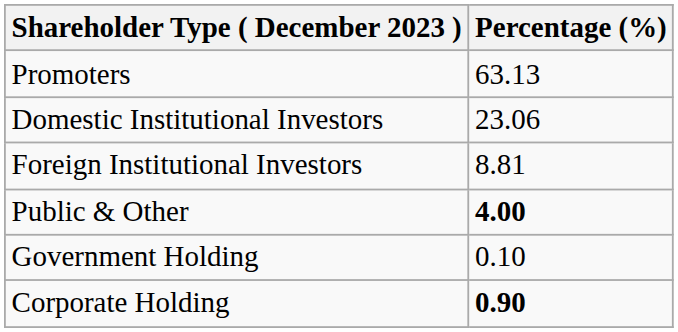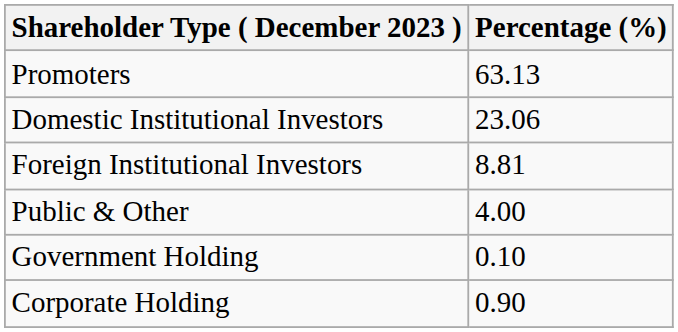 <table class="wikitable">
 <tr>
 <th>Shareholder Type ( December 2023 )</th>
 <th>Percentage (%)</th>
 </tr>
 <tr>
 <td>Promoters</td>
 <td>63.13</td>
 </tr>
 <tr>
 <td>Domestic Institutional Investors</td>
 <td>23.06</td>
 </tr>
 <tr>
 <td>Foreign Institutional Investors</td>
 <td>8.81</td>
 </tr>
 <tr>
 <td>Public & Other</td>
-<td><strong>4.00</strong></td>
+<td>4.00</td>
 </tr>
 <tr>
 <td>Government Holding</td>
 <td>0.10</td>
 </tr>
 <tr>
 <td>Corporate Holding</td>
-<td><strong>0.90</strong></td>
+<td>0.90</td>
 </tr>
 </table>
